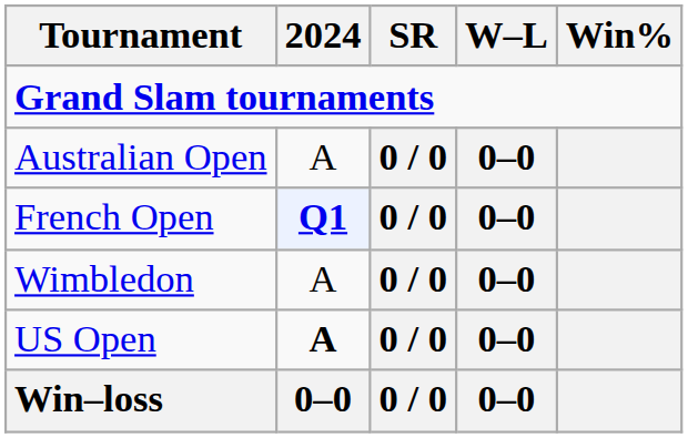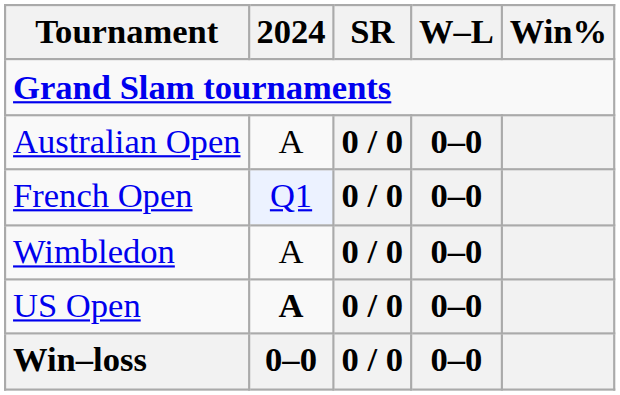 <table class=wikitable style=text-align:center>
 <tr>
 <th>Tournament</th>
 <th>2024</th>
 <th>SR</th>
 <th>W–L</th>
 <th>Win%</th>
 </tr>
 <tr>
 <td colspan="11" style="text-align:left"><a href='#'><strong>Grand Slam tournaments</strong></a></td>
 </tr>
 <tr>
 <td align=left><a href='#'>Australian Open</a></td>
 <td>A</td>
 <th>0 / 0</th>
 <th>0–0</th>
 <th></th>
 </tr>
 <tr>
 <td align=left><a href='#'>French Open</a></td>
-<td bgcolor=ecf2ff><strong><a href='#'>Q1</a></strong></td>
+<td bgcolor=ecf2ff><a href='#'>Q1</a></td>
 <th>0 / 0</th>
 <th>0–0</th>
 <th></th>
 </tr>
 <tr>
 <td align=left><a href='#'>Wimbledon</a></td>
 <td>A</td>
 <th>0 / 0</th>
 <th>0–0</th>
 <th></th>
 </tr>
 <tr>
 <td align=left><a href='#'>US Open</a></td>
 <td><strong>A</strong></td>
 <th>0 / 0</th>
 <th>0–0</th>
 <th></th>
 </tr>
 <tr>
 <th style=text-align:left><strong>Win–loss</strong></th>
 <th>0–0</th>
 <th>0 / 0</th>
 <th>0–0</th>
 <th></th>
 </tr>
 </table>
